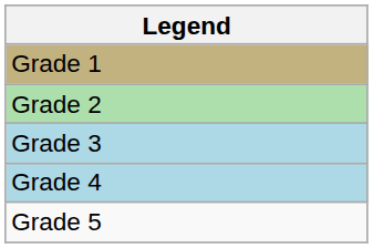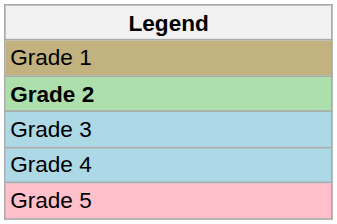 <table class="wikitable" style="font-size:85%;" width=10%>
 <tr>
 <th>Legend</th>
 </tr>
 <tr bgcolor=C2B280>
 <td>Grade 1</td>
 </tr>
 <tr bgcolor=ADDFAD>
-<td>Grade 2</td>
+<td><strong>Grade 2</strong></td>
 </tr>
 <tr bgcolor=lightblue>
 <td>Grade 3</td>
 </tr>
 <tr bgcolor=lightblue>
 <td>Grade 4</td>
 </tr>
 <tr>
-<td>Grade 5</td>
+<td style="background: pink;">Grade 5</td>
 </tr>
 </table>
